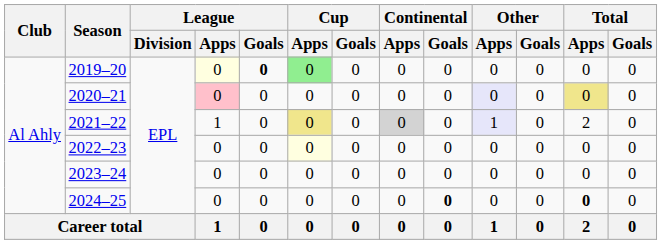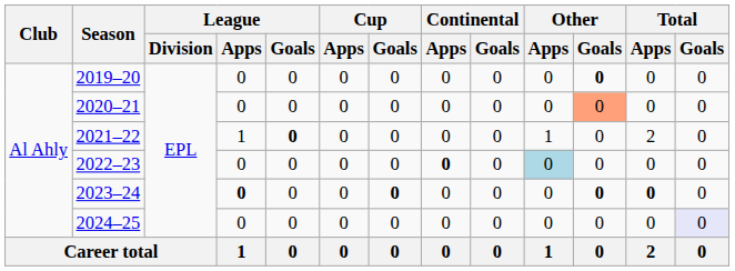 <table class="wikitable" style="text-align: center">
 <tr>
 <th rowspan="2">Club</th>
 <th rowspan="2">Season</th>
 <th colspan="3">League</th>
 <th colspan="2">Cup</th>
 <th colspan="2">Continental</th>
 <th colspan="2">Other</th>
 <th colspan="2">Total</th>
 </tr>
 <tr>
 <th>Division</th>
 <th>Apps</th>
 <th>Goals</th>
 <th>Apps</th>
 <th>Goals</th>
 <th>Apps</th>
 <th>Goals</th>
 <th>Apps</th>
 <th>Goals</th>
 <th>Apps</th>
 <th>Goals</th>
 </tr>
 <tr>
 <td rowspan="6"><a href='#'>Al Ahly</a></td>
 <td><a href='#'>2019–20</a></td>
 <td rowspan="6"><a href='#'>EPL</a></td>
-<td style="background: lightyellow;">0</td>
-<td><strong>0</strong></td>
-<td style="background: lightgreen;">0</td>
 <td>0</td>
 <td>0</td>
 <td>0</td>
 <td>0</td>
 <td>0</td>
 <td>0</td>
 <td>0</td>
+<td><strong>0</strong></td>
+<td>0</td>
+<td>0</td>
 </tr>
 <tr>
 <td><a href='#'>2020–21</a></td>
-<td style="background: pink;">0</td>
 <td>0</td>
 <td>0</td>
 <td>0</td>
 <td>0</td>
 <td>0</td>
-<td style="background: lavender;">0</td>
 <td>0</td>
-<td style="background: khaki;">0</td>
+<td>0</td>
+<td style="background: lightsalmon;">0</td>
+<td>0</td>
 <td>0</td>
 </tr>
 <tr>
 <td><a href='#'>2021–22</a></td>
 <td>1</td>
+<td><strong>0</strong></td>
 <td>0</td>
-<td style="background: khaki;">0</td>
 <td>0</td>
-<td style="background: lightgrey;">0</td>
 <td>0</td>
-<td style="background: lavender;">1</td>
+<td>0</td>
+<td>1</td>
 <td>0</td>
 <td>2</td>
 <td>0</td>
 </tr>
 <tr>
 <td><a href='#'>2022–23</a></td>
 <td>0</td>
 <td>0</td>
-<td style="background: lightyellow;">0</td>
 <td>0</td>
 <td>0</td>
+<td><strong>0</strong></td>
 <td>0</td>
-<td>0</td>
+<td style="background: lightblue;">0</td>
 <td>0</td>
 <td>0</td>
 <td>0</td>
 </tr>
 <tr>
 <td><a href='#'>2023–24</a></td>
+<td><strong>0</strong></td>
+<td>0</td>
+<td>0</td>
+<td><strong>0</strong></td>
+<td>0</td>
+<td>0</td>
+<td>0</td>
+<td><strong>0</strong></td>
+<td><strong>0</strong></td>
+<td>0</td>
+</tr>
+<tr>
+<td><a href='#'>2024–25</a></td>
 <td>0</td>
 <td>0</td>
 <td>0</td>
 <td>0</td>
 <td>0</td>
 <td>0</td>
 <td>0</td>
 <td>0</td>
 <td>0</td>
-<td>0</td>
-</tr>
-<tr>
-<td><a href='#'>2024–25</a></td>
-<td>0</td>
-<td>0</td>
-<td>0</td>
-<td>0</td>
-<td>0</td>
-<td><strong>0</strong></td>
-<td>0</td>
-<td>0</td>
-<td><strong>0</strong></td>
-<td>0</td>
+<td style="background: lavender;">0</td>
 </tr>
 <tr>
 <th colspan=3>Career total</th>
 <th>1</th>
 <th>0</th>
 <th>0</th>
 <th>0</th>
 <th>0</th>
 <th>0</th>
 <th>1</th>
 <th>0</th>
 <th>2</th>
 <th>0</th>
 </tr>
 </table>
